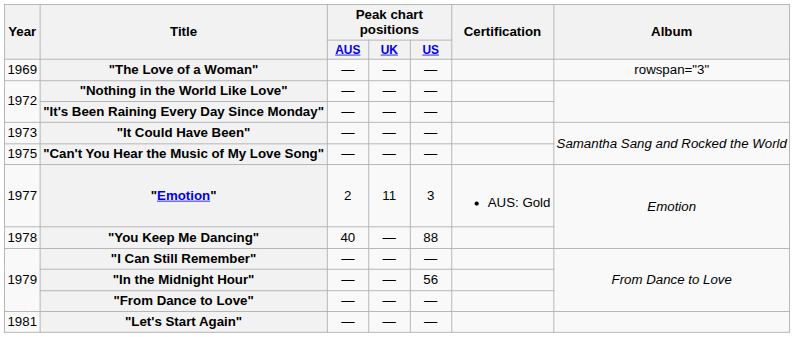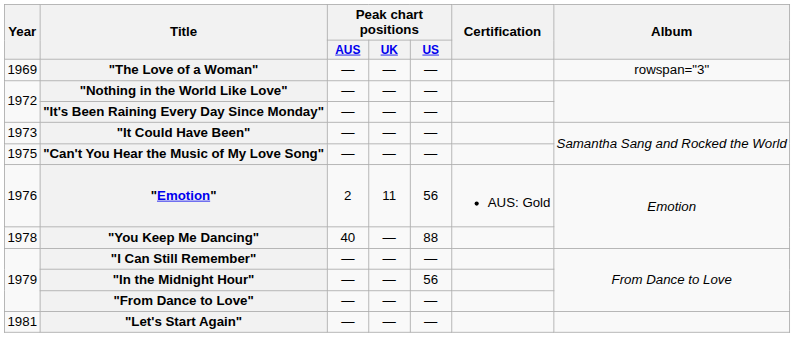 <table class="wikitable plainrowheaders" style="text-align:center;" border="1">
 <tr>
 <th scope="col" rowspan="2">Year</th>
 <th scope="col" rowspan="2">Title</th>
 <th scope="col" colspan="3">Peak chart<br>positions</th>
 <th scope="col" rowspan="2">Certification</th>
 <th scope="col" rowspan="2">Album</th>
 </tr>
 <tr>
 <th scope="col" style="width:3em; font-size:90%"><a href='#'>AUS</a><br></th>
 <th scope="col" style="width:3em; font-size:90%"><a href='#'>UK</a><br></th>
 <th scope="col" style="width:3em; font-size:90%"><a href='#'>US</a><br></th>
 </tr>
 <tr>
 <td>1969</td>
 <th scope="row">"The Love of a Woman"</th>
 <td>—</td>
 <td>—</td>
 <td>—</td>
 <td></td>
 <td>rowspan="3" </td>
 </tr>
 <tr>
 <td rowspan="2">1972</td>
 <th scope="row">"Nothing in the World Like Love"</th>
 <td>—</td>
 <td>—</td>
 <td>—</td>
 <td></td>
 </tr>
 <tr>
 <th scope="row">"It's Been Raining Every Day Since Monday"</th>
 <td>—</td>
 <td>—</td>
 <td>—</td>
 <td></td>
 </tr>
 <tr>
 <td>1973</td>
 <th scope="row">"It Could Have Been"</th>
 <td>—</td>
 <td>—</td>
 <td>—</td>
 <td></td>
 <td rowspan="2"><em>Samantha Sang and Rocked the World</em></td>
 </tr>
 <tr>
 <td>1975</td>
 <th scope="row">"Can't You Hear the Music of My Love Song"</th>
 <td>—</td>
 <td>—</td>
 <td>—</td>
 <td></td>
 </tr>
 <tr>
-<td>1977</td>
+<td>1976</td>
 <th scope="row">"<a href='#'>Emotion</a>"</th>
 <td>2</td>
 <td>11</td>
-<td>3</td>
+<td>56</td>
 <td><br><ul><li>AUS: Gold</li></ul></td>
 <td rowspan="2"><em>Emotion</em></td>
 </tr>
 <tr>
 <td>1978</td>
 <th scope="row">"You Keep Me Dancing"</th>
 <td>40</td>
 <td>—</td>
 <td>88</td>
 <td></td>
 </tr>
 <tr>
 <td rowspan="3">1979</td>
 <th scope="row">"I Can Still Remember"</th>
 <td>—</td>
 <td>—</td>
 <td>—</td>
 <td></td>
 <td rowspan="3"><em>From Dance to Love</em></td>
 </tr>
 <tr>
 <th scope="row">"In the Midnight Hour"</th>
 <td>—</td>
 <td>—</td>
 <td>56</td>
 <td></td>
 </tr>
 <tr>
 <th scope="row">"From Dance to Love"</th>
 <td>—</td>
 <td>—</td>
 <td>—</td>
 <td></td>
 </tr>
 <tr>
 <td>1981</td>
 <th scope="row">"Let's Start Again" </th>
 <td>—</td>
 <td>—</td>
 <td>—</td>
 <td></td>
 <td></td>
 </tr>
 </table>
